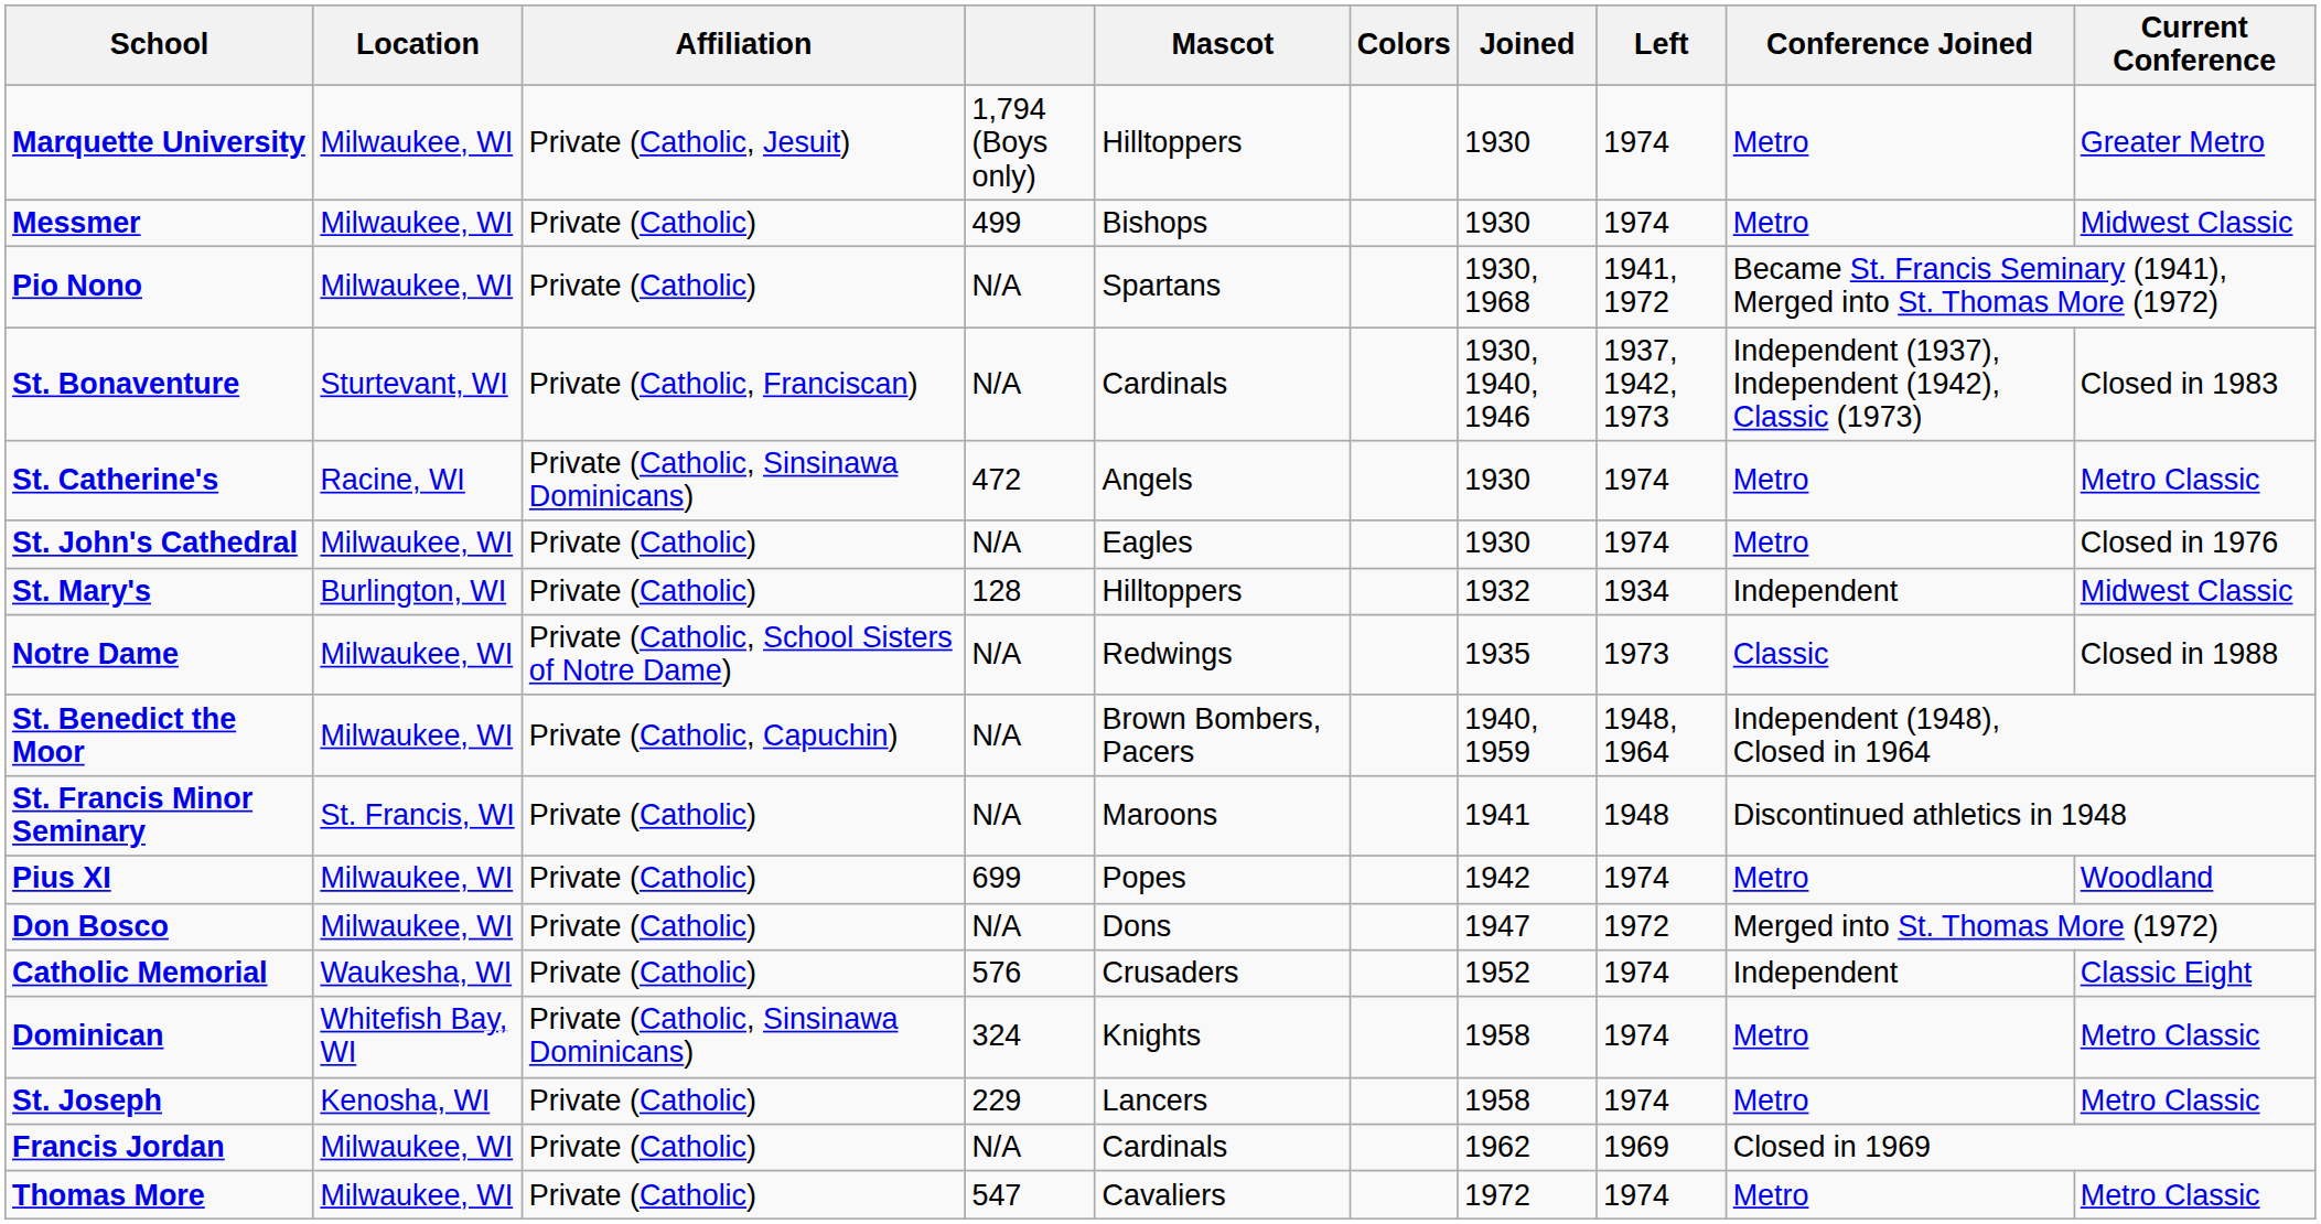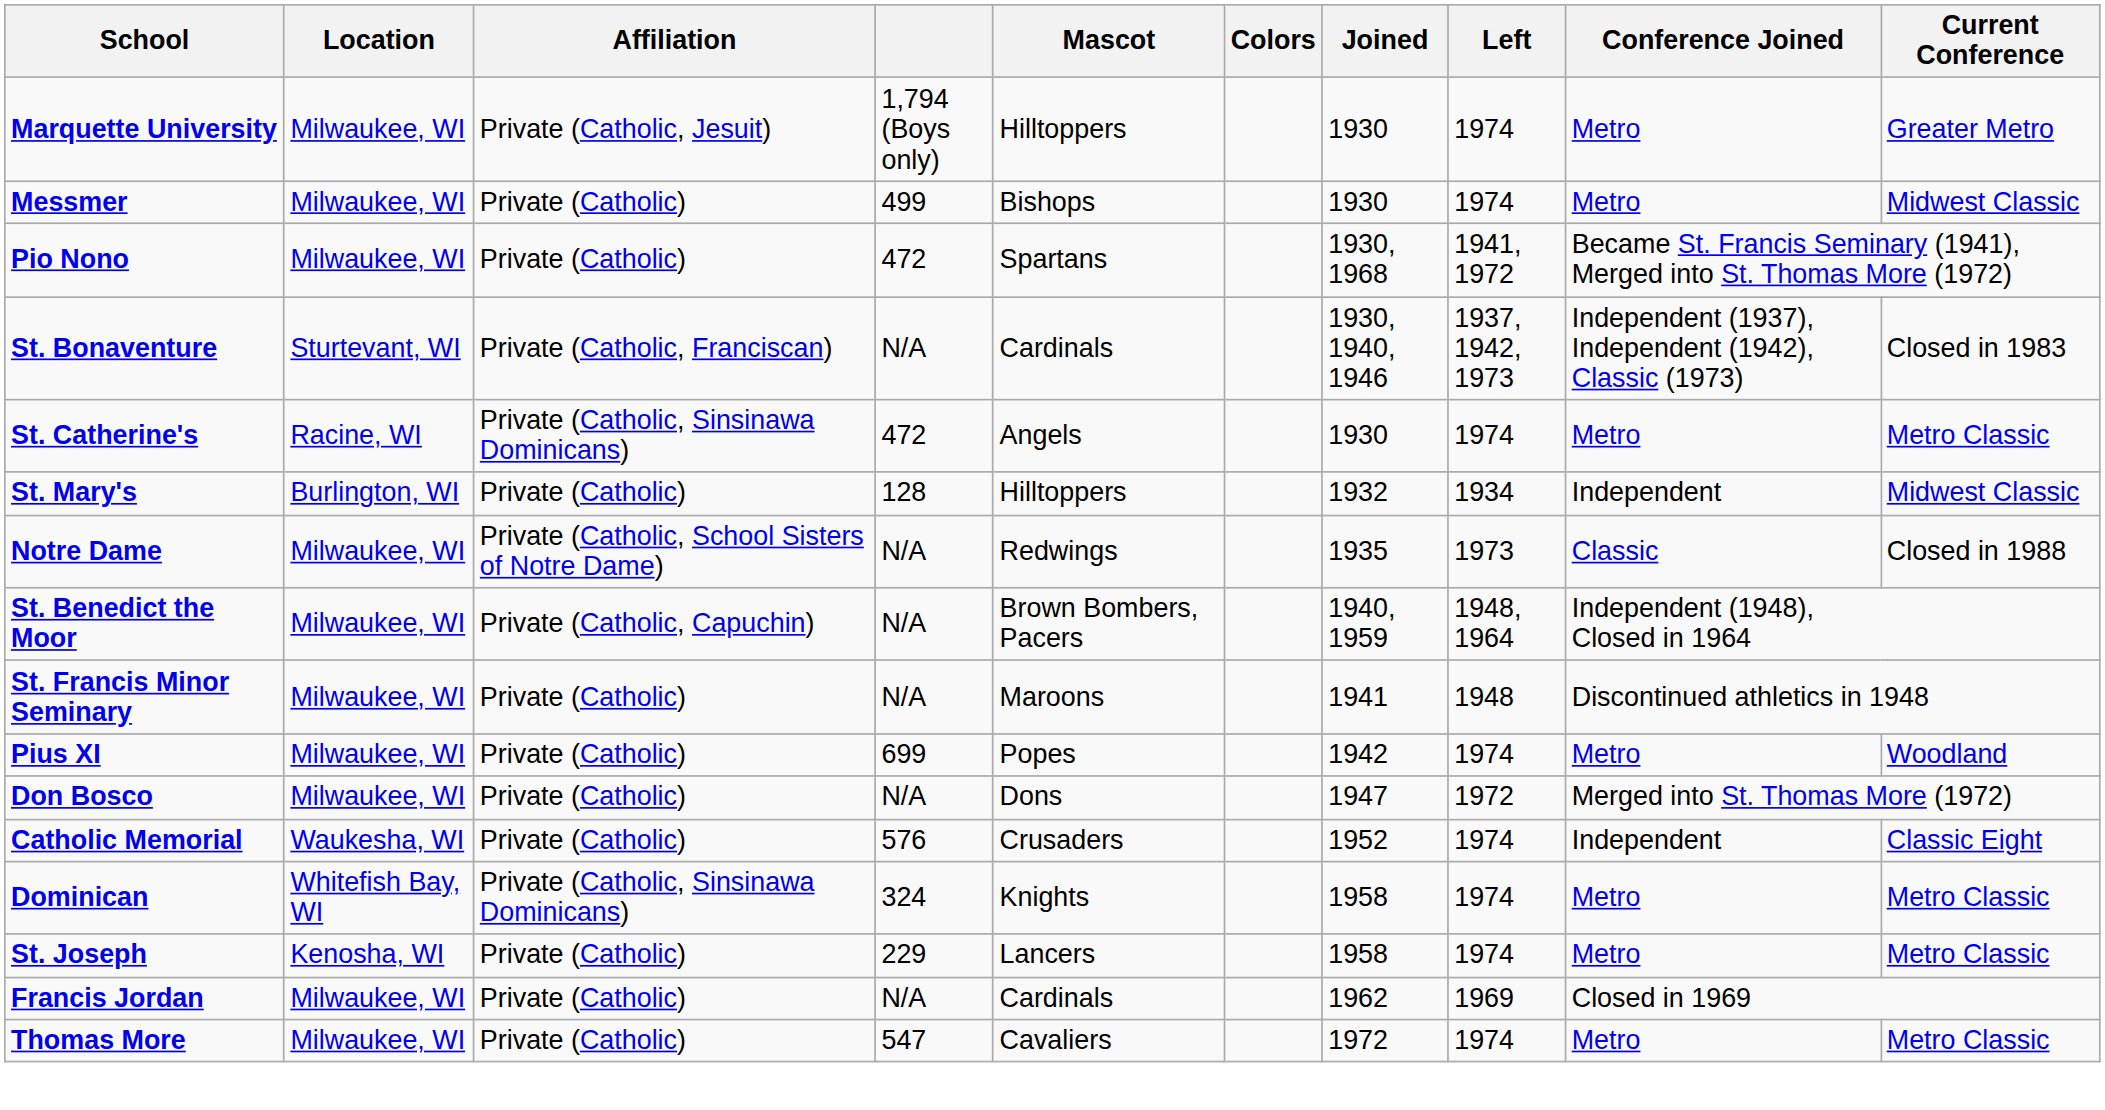 <table class="wikitable sortable">
 <tr>
 <th>School</th>
 <th>Location</th>
 <th>Affiliation</th>
 <th></th>
 <th>Mascot</th>
 <th>Colors</th>
 <th>Joined</th>
 <th>Left</th>
 <th>Conference Joined</th>
 <th>Current Conference</th>
 </tr>
 <tr>
 <td><a href='#'><strong>Marquette University</strong></a></td>
 <td><a href='#'>Milwaukee, WI</a></td>
 <td>Private (<a href='#'>Catholic</a>, <a href='#'>Jesuit</a>)</td>
 <td>1,794<br>(Boys only)</td>
 <td>Hilltoppers</td>
 <td> </td>
 <td>1930</td>
 <td>1974</td>
 <td><a href='#'>Metro</a></td>
 <td><a href='#'>Greater Metro</a></td>
 </tr>
 <tr>
 <td><a href='#'><strong>Messmer</strong></a></td>
 <td><a href='#'>Milwaukee, WI</a></td>
 <td>Private (<a href='#'>Catholic</a>)</td>
 <td>499</td>
 <td>Bishops</td>
 <td> </td>
 <td>1930</td>
 <td>1974</td>
 <td><a href='#'>Metro</a></td>
 <td><a href='#'>Midwest Classic</a></td>
 </tr>
 <tr>
 <td><a href='#'><strong>Pio Nono</strong></a></td>
 <td><a href='#'>Milwaukee, WI</a></td>
 <td>Private (<a href='#'>Catholic</a>)</td>
-<td>N/A</td>
+<td>472</td>
 <td>Spartans</td>
 <td> </td>
 <td>1930,<br>1968</td>
 <td>1941,<br>1972</td>
 <td colspan="2">Became <a href='#'>St. Francis Seminary</a> (1941),<br>Merged into <a href='#'>St. Thomas More</a> (1972)</td>
 </tr>
 <tr>
 <td><a href='#'><strong>St. Bonaventure</strong></a></td>
 <td><a href='#'>Sturtevant, WI</a></td>
 <td>Private (<a href='#'>Catholic</a>, <a href='#'>Franciscan</a>)</td>
 <td>N/A</td>
 <td>Cardinals</td>
 <td> </td>
 <td>1930,<br>1940, 1946</td>
 <td>1937,<br>1942, 1973</td>
 <td>Independent (1937),<br>Independent (1942), <a href='#'>Classic</a> (1973)</td>
 <td>Closed in 1983</td>
 </tr>
 <tr>
 <td><a href='#'><strong>St. Catherine's</strong></a></td>
 <td><a href='#'>Racine, WI</a></td>
 <td>Private (<a href='#'>Catholic</a>, <a href='#'>Sinsinawa Dominicans</a>)</td>
 <td>472</td>
 <td>Angels</td>
 <td>  </td>
 <td>1930</td>
 <td>1974</td>
 <td><a href='#'>Metro</a></td>
 <td><a href='#'>Metro Classic</a></td>
-</tr>
-<tr>
-<td><a href='#'><strong>St. John's Cathedral</strong></a></td>
-<td><a href='#'>Milwaukee, WI</a></td>
-<td>Private (<a href='#'>Catholic</a>)</td>
-<td>N/A</td>
-<td>Eagles</td>
-<td> </td>
-<td>1930</td>
-<td>1974</td>
-<td><a href='#'>Metro</a></td>
-<td>Closed in 1976</td>
 </tr>
 <tr>
 <td><a href='#'><strong>St. Mary's</strong></a></td>
 <td><a href='#'>Burlington, WI</a></td>
 <td>Private (<a href='#'>Catholic</a>)</td>
 <td>128</td>
 <td>Hilltoppers</td>
 <td> </td>
 <td>1932</td>
 <td>1934</td>
 <td>Independent</td>
 <td><a href='#'>Midwest Classic</a></td>
 </tr>
 <tr>
 <td><a href='#'><strong>Notre Dame</strong></a></td>
 <td><a href='#'>Milwaukee, WI</a></td>
 <td>Private (<a href='#'>Catholic</a>, <a href='#'>School Sisters of Notre Dame</a>)</td>
 <td>N/A</td>
 <td>Redwings</td>
 <td> </td>
 <td>1935</td>
 <td>1973</td>
 <td><a href='#'>Classic</a></td>
 <td>Closed in 1988</td>
 </tr>
 <tr>
 <td><a href='#'><strong>St. Benedict the Moor</strong></a></td>
 <td><a href='#'>Milwaukee, WI</a></td>
 <td>Private (<a href='#'>Catholic</a>, <a href='#'>Capuchin</a>)</td>
 <td>N/A</td>
 <td>Brown Bombers, Pacers</td>
 <td> </td>
 <td>1940,<br>1959</td>
 <td>1948,<br>1964</td>
 <td colspan="2">Independent (1948),<br>Closed in 1964</td>
 </tr>
 <tr>
 <td><a href='#'><strong>St. Francis Minor Seminary</strong></a></td>
-<td><a href='#'>St. Francis, WI</a></td>
+<td><a href='#'>Milwaukee, WI</a></td>
 <td>Private (<a href='#'>Catholic</a>)</td>
 <td>N/A</td>
 <td>Maroons</td>
 <td> </td>
 <td>1941</td>
 <td>1948</td>
 <td colspan="2">Discontinued athletics in 1948</td>
 </tr>
 <tr>
 <td><a href='#'><strong>Pius XI</strong></a></td>
 <td><a href='#'>Milwaukee, WI</a></td>
 <td>Private (<a href='#'>Catholic</a>)</td>
 <td>699</td>
 <td>Popes</td>
 <td> </td>
 <td>1942</td>
 <td>1974</td>
 <td><a href='#'>Metro</a></td>
 <td><a href='#'>Woodland</a></td>
 </tr>
 <tr>
 <td><a href='#'><strong>Don Bosco</strong></a></td>
 <td><a href='#'>Milwaukee, WI</a></td>
 <td>Private (<a href='#'>Catholic</a>)</td>
 <td>N/A</td>
 <td>Dons</td>
 <td> </td>
 <td>1947</td>
 <td>1972</td>
 <td colspan="2">Merged into <a href='#'>St. Thomas More</a> (1972)</td>
 </tr>
 <tr>
 <td><a href='#'><strong>Catholic Memorial</strong></a></td>
 <td><a href='#'>Waukesha, WI</a></td>
 <td>Private (<a href='#'>Catholic</a>)</td>
 <td>576</td>
 <td>Crusaders</td>
 <td> </td>
 <td>1952</td>
 <td>1974</td>
 <td>Independent</td>
 <td><a href='#'>Classic Eight</a></td>
 </tr>
 <tr>
 <td><a href='#'><strong>Dominican</strong></a></td>
 <td><a href='#'>Whitefish Bay, WI</a></td>
 <td>Private (<a href='#'>Catholic</a>, <a href='#'>Sinsinawa Dominicans</a>)</td>
 <td>324</td>
 <td>Knights</td>
 <td>  </td>
 <td>1958</td>
 <td>1974</td>
 <td><a href='#'>Metro</a></td>
 <td><a href='#'>Metro Classic</a></td>
 </tr>
 <tr>
 <td><a href='#'><strong>St. Joseph</strong></a></td>
 <td><a href='#'>Kenosha, WI</a></td>
 <td>Private (<a href='#'>Catholic</a>)</td>
 <td>229</td>
 <td>Lancers</td>
 <td> </td>
 <td>1958</td>
 <td>1974</td>
 <td><a href='#'>Metro</a></td>
 <td><a href='#'>Metro Classic</a></td>
 </tr>
 <tr>
 <td><a href='#'><strong>Francis Jordan</strong></a></td>
 <td><a href='#'>Milwaukee, WI</a></td>
 <td>Private (<a href='#'>Catholic</a>)</td>
 <td>N/A</td>
 <td>Cardinals</td>
 <td> </td>
 <td>1962</td>
 <td>1969</td>
 <td colspan="2">Closed in 1969</td>
 </tr>
 <tr>
 <td><a href='#'><strong>Thomas More</strong></a></td>
 <td><a href='#'>Milwaukee, WI</a></td>
 <td>Private (<a href='#'>Catholic</a>)</td>
 <td>547</td>
 <td>Cavaliers</td>
 <td> </td>
 <td>1972</td>
 <td>1974</td>
 <td><a href='#'>Metro</a></td>
 <td><a href='#'>Metro Classic</a></td>
 </tr>
 </table>
